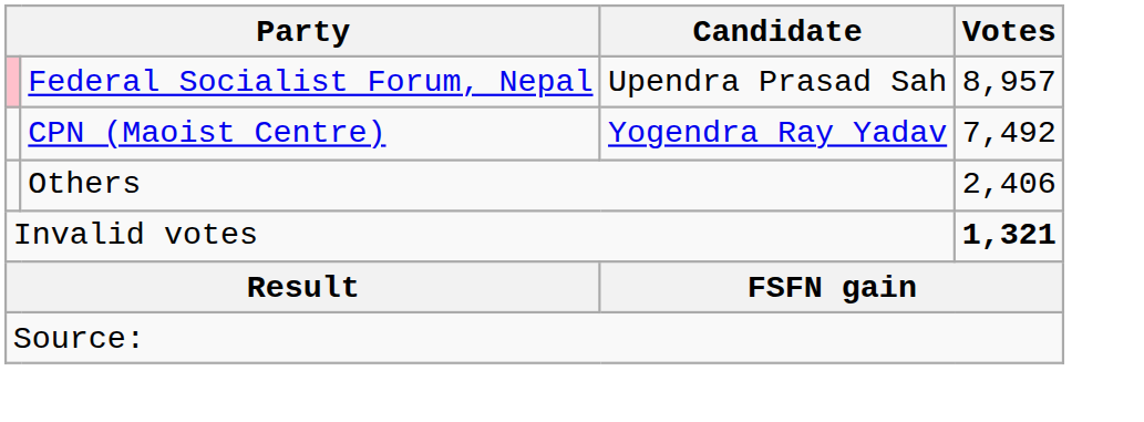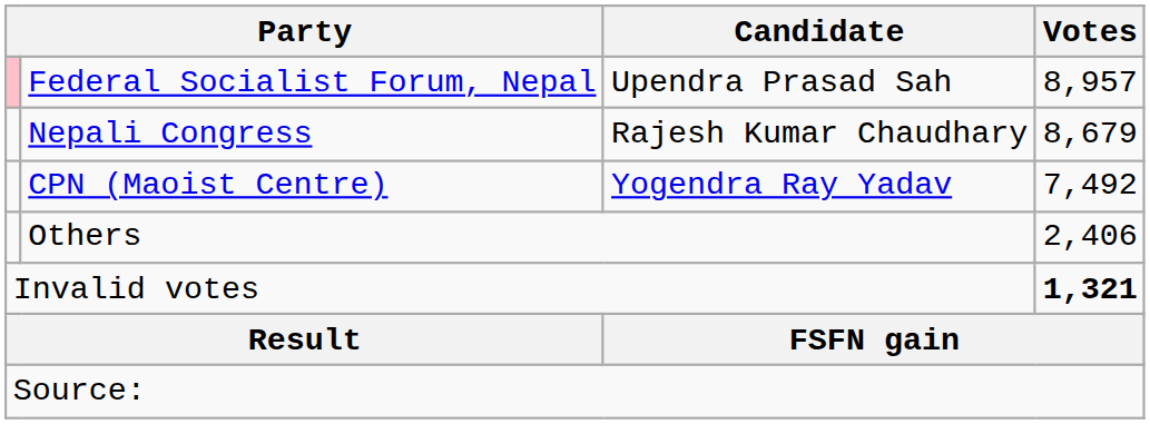 <table class="wikitable">
 <tr>
 <th colspan="2">Party</th>
 <th>Candidate</th>
 <th>Votes</th>
 </tr>
 <tr>
 <td style="background-color:pink"></td>
 <td><a href='#'>Federal Socialist Forum, Nepal</a></td>
 <td>Upendra Prasad Sah</td>
 <td>8,957</td>
+</tr>
+<tr>
+<td style="background-color:"></td>
+<td><a href='#'>Nepali Congress</a></td>
+<td>Rajesh Kumar Chaudhary</td>
+<td>8,679</td>
 </tr>
 <tr>
 <td style="background-color:"></td>
 <td><a href='#'>CPN (Maoist Centre)</a></td>
 <td><a href='#'>Yogendra Ray Yadav</a></td>
 <td>7,492</td>
 </tr>
 <tr>
 <td></td>
 <td colspan="2">Others</td>
 <td>2,406</td>
 </tr>
 <tr>
 <td colspan="3">Invalid votes</td>
 <td><strong>1,321</strong></td>
 </tr>
 <tr>
 <th colspan="2">Result</th>
 <th colspan="2">FSFN gain</th>
 </tr>
 <tr>
 <td colspan="4">Source: </td>
 </tr>
 </table>
